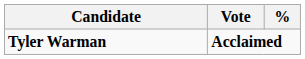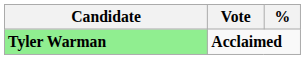 <table class="wikitable">
 <tr>
 <th bgcolor="#DDDDFF" width="200px">Candidate</th>
 <th bgcolor="#DDDDFF" width="50px">Vote</th>
 <th bgcolor="#DDDDFF" width="30px">%</th>
 </tr>
 <tr>
-<td><strong>Tyler Warman</strong></td>
+<td style="background: lightgreen;"><strong>Tyler Warman</strong></td>
 <td colspan="2"><strong>Acclaimed</strong></td>
 </tr>
 </table>
